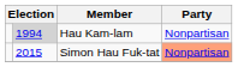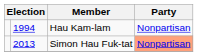 <table class="wikitable">
 <tr>
 <th colspan="2">Election</th>
 <th>Member</th>
 <th>Party</th>
 </tr>
 <tr>
 <td style="color:inherit;background:"></td>
-<td style="background: lightgrey;"><a href='#'>1994</a></td>
+<td><a href='#'>1994</a></td>
 <td>Hau Kam-lam</td>
 <td><a href='#'>Nonpartisan</a></td>
 </tr>
 <tr>
 <td style="color:inherit;background:"></td>
-<td><a href='#'>2015</a></td>
+<td><a href='#'>2013</a></td>
 <td>Simon Hau Fuk-tat</td>
 <td style="background: lightsalmon;"><a href='#'>Nonpartisan</a></td>
 </tr>
 <tr>
 </tr>
 </table>
